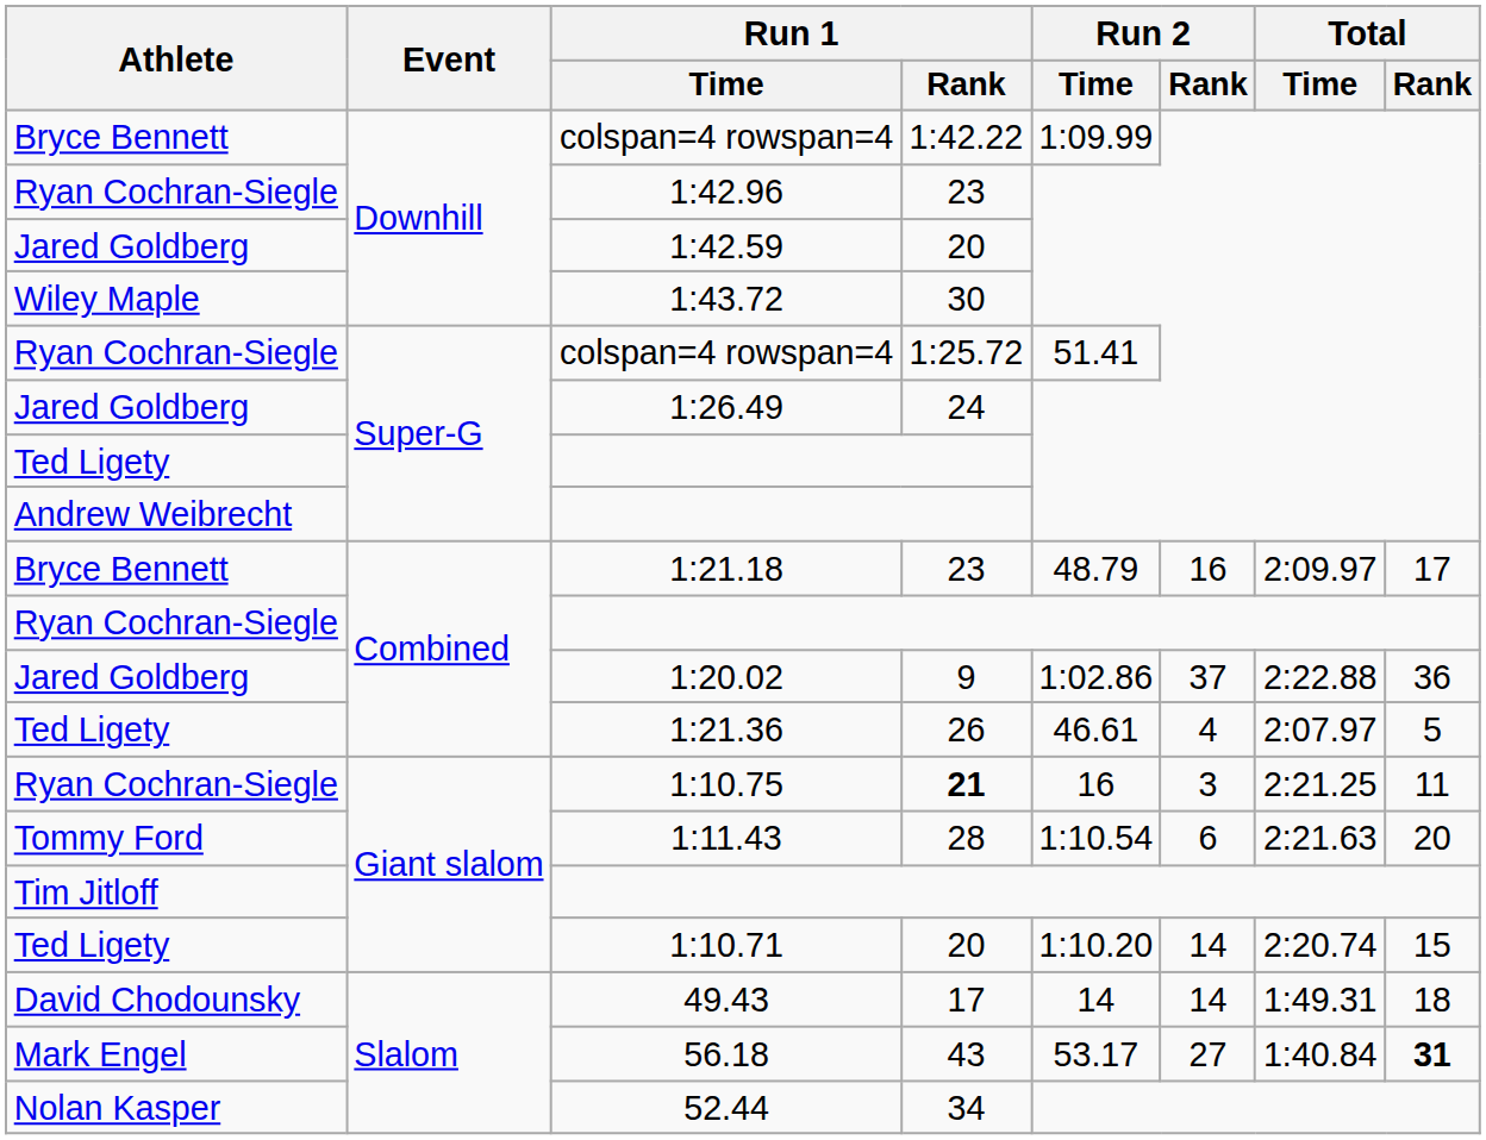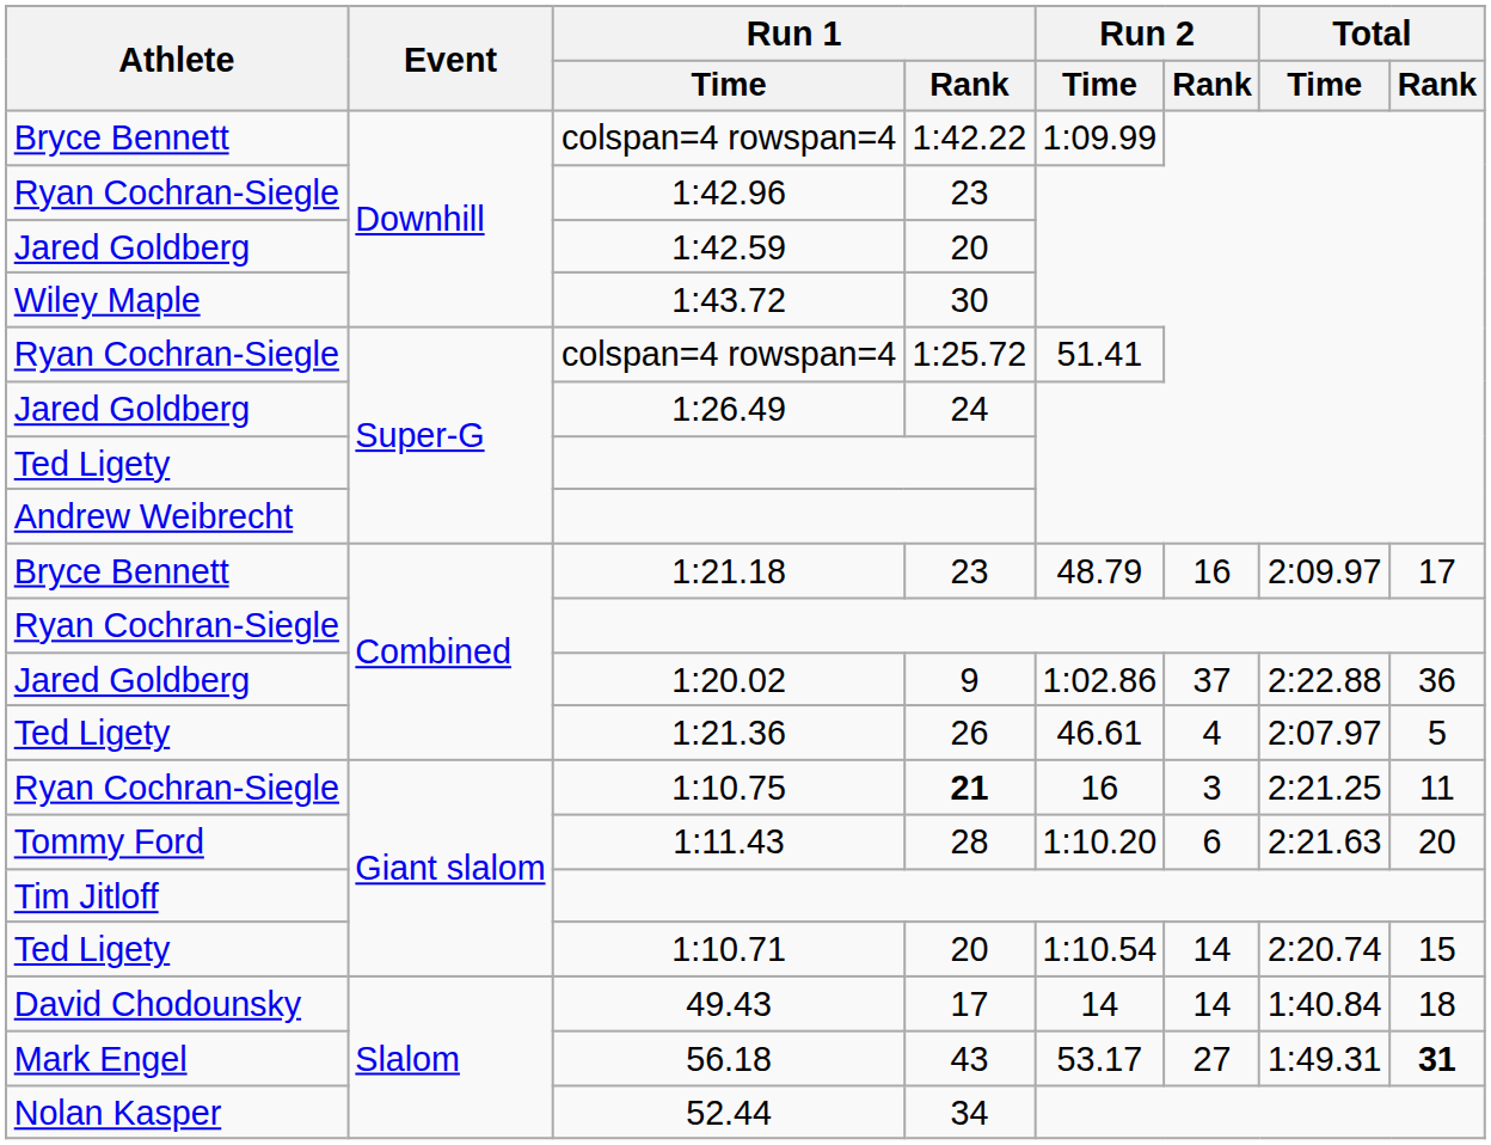 <table class=wikitable style=font-size:90%;text-align:center>
 <tr>
 <th rowspan=2>Athlete</th>
 <th rowspan=2>Event</th>
 <th colspan=2>Run 1</th>
 <th colspan=2>Run 2</th>
 <th colspan=2>Total</th>
 </tr>
 <tr style=font-size:95%>
 <th>Time</th>
 <th>Rank</th>
 <th>Time</th>
 <th>Rank</th>
 <th>Time</th>
 <th>Rank</th>
 </tr>
 <tr>
 <td align=left><a href='#'>Bryce Bennett</a></td>
 <td style="text-align:left;" rowspan="4"><a href='#'>Downhill</a></td>
 <td>colspan=4 rowspan=4 </td>
 <td>1:42.22</td>
 <td>1:09.99</td>
 </tr>
 <tr>
 <td align=left><a href='#'>Ryan Cochran-Siegle</a></td>
 <td>1:42.96</td>
 <td>23</td>
 </tr>
 <tr>
 <td align=left><a href='#'>Jared Goldberg</a></td>
 <td>1:42.59</td>
 <td>20</td>
 </tr>
 <tr>
 <td align=left><a href='#'>Wiley Maple</a></td>
 <td>1:43.72</td>
 <td>30</td>
 </tr>
 <tr>
 <td align=left><a href='#'>Ryan Cochran-Siegle</a></td>
 <td style="text-align:left;" rowspan="4"><a href='#'>Super-G</a></td>
 <td>colspan=4 rowspan=4 </td>
 <td>1:25.72</td>
 <td>51.41</td>
 </tr>
 <tr>
 <td align=left><a href='#'>Jared Goldberg</a></td>
 <td>1:26.49</td>
 <td>24</td>
 </tr>
 <tr>
 <td align=left><a href='#'>Ted Ligety</a></td>
 <td colspan=2></td>
 </tr>
 <tr>
 <td align=left><a href='#'>Andrew Weibrecht</a></td>
 <td colspan=2></td>
 </tr>
 <tr>
 <td align=left><a href='#'>Bryce Bennett</a></td>
 <td style="text-align:left;" rowspan="4"><a href='#'>Combined</a></td>
 <td>1:21.18</td>
 <td>23</td>
 <td>48.79</td>
 <td>16</td>
 <td>2:09.97</td>
 <td>17</td>
 </tr>
 <tr>
 <td align=left><a href='#'>Ryan Cochran-Siegle</a></td>
 <td colspan=6></td>
 </tr>
 <tr>
 <td align=left><a href='#'>Jared Goldberg</a></td>
 <td>1:20.02</td>
 <td>9</td>
 <td>1:02.86</td>
 <td>37</td>
 <td>2:22.88</td>
 <td>36</td>
 </tr>
 <tr>
 <td align=left><a href='#'>Ted Ligety</a></td>
 <td>1:21.36</td>
 <td>26</td>
 <td>46.61</td>
 <td>4</td>
 <td>2:07.97</td>
 <td>5</td>
 </tr>
 <tr>
 <td align=left><a href='#'>Ryan Cochran-Siegle</a></td>
 <td style="text-align:left;" rowspan="4"><a href='#'>Giant slalom</a></td>
 <td>1:10.75</td>
 <td><strong>21</strong></td>
 <td>16</td>
 <td>3</td>
 <td>2:21.25</td>
 <td>11</td>
 </tr>
 <tr>
 <td align=left><a href='#'>Tommy Ford</a></td>
 <td>1:11.43</td>
 <td>28</td>
-<td>1:10.54</td>
+<td>1:10.20</td>
 <td>6</td>
 <td>2:21.63</td>
 <td>20</td>
 </tr>
 <tr>
 <td align=left><a href='#'>Tim Jitloff</a></td>
 <td colspan=6></td>
 </tr>
 <tr>
 <td align=left><a href='#'>Ted Ligety</a></td>
 <td>1:10.71</td>
 <td>20</td>
-<td>1:10.20</td>
+<td>1:10.54</td>
 <td>14</td>
 <td>2:20.74</td>
 <td>15</td>
 </tr>
 <tr>
 <td align=left><a href='#'>David Chodounsky</a></td>
 <td style="text-align:left;" rowspan="3"><a href='#'>Slalom</a></td>
 <td>49.43</td>
 <td>17</td>
 <td>14</td>
 <td>14</td>
-<td>1:49.31</td>
+<td>1:40.84</td>
 <td>18</td>
 </tr>
 <tr>
 <td align=left><a href='#'>Mark Engel</a></td>
 <td>56.18</td>
 <td>43</td>
 <td>53.17</td>
 <td>27</td>
-<td>1:40.84</td>
+<td>1:49.31</td>
 <td><strong>31</strong></td>
 </tr>
 <tr>
 <td align=left><a href='#'>Nolan Kasper</a></td>
 <td>52.44</td>
 <td>34</td>
 <td colspan=4></td>
 </tr>
 </table>
